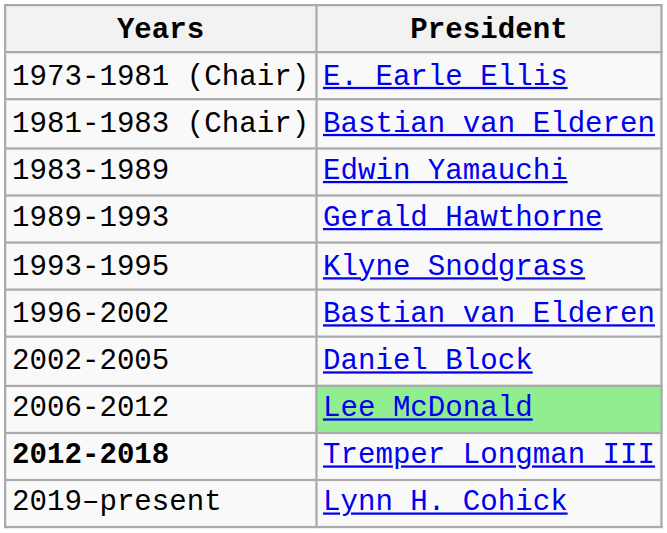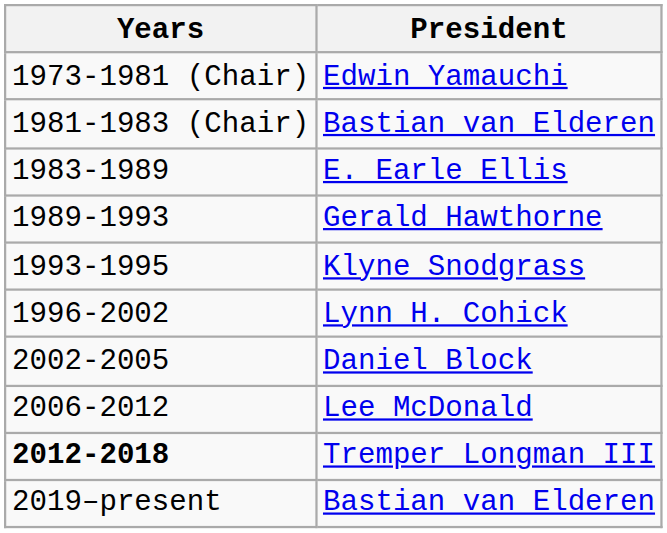 <table class="wikitable sortable">
 <tr>
 <th>Years</th>
 <th>President</th>
 </tr>
 <tr>
 <td>1973-1981 (Chair)</td>
-<td><a href='#'>E. Earle Ellis</a></td>
+<td><a href='#'>Edwin Yamauchi</a></td>
 </tr>
 <tr>
 <td>1981-1983 (Chair)</td>
 <td><a href='#'>Bastian van Elderen</a></td>
 </tr>
 <tr>
 <td>1983-1989</td>
-<td><a href='#'>Edwin Yamauchi</a></td>
+<td><a href='#'>E. Earle Ellis</a></td>
 </tr>
 <tr>
 <td>1989-1993</td>
 <td><a href='#'>Gerald Hawthorne</a></td>
 </tr>
 <tr>
 <td>1993-1995</td>
 <td><a href='#'>Klyne Snodgrass</a></td>
 </tr>
 <tr>
 <td>1996-2002</td>
-<td><a href='#'>Bastian van Elderen</a></td>
+<td><a href='#'>Lynn H. Cohick</a></td>
 </tr>
 <tr>
 <td>2002-2005</td>
 <td><a href='#'>Daniel Block</a></td>
 </tr>
 <tr>
 <td>2006-2012</td>
-<td style="background: lightgreen;"><a href='#'>Lee McDonald</a></td>
+<td><a href='#'>Lee McDonald</a></td>
 </tr>
 <tr>
 <td><strong>2012-2018</strong></td>
 <td><a href='#'>Tremper Longman III</a></td>
 </tr>
 <tr>
 <td>2019–present</td>
-<td><a href='#'>Lynn H. Cohick</a></td>
+<td><a href='#'>Bastian van Elderen</a></td>
 </tr>
 </table>
